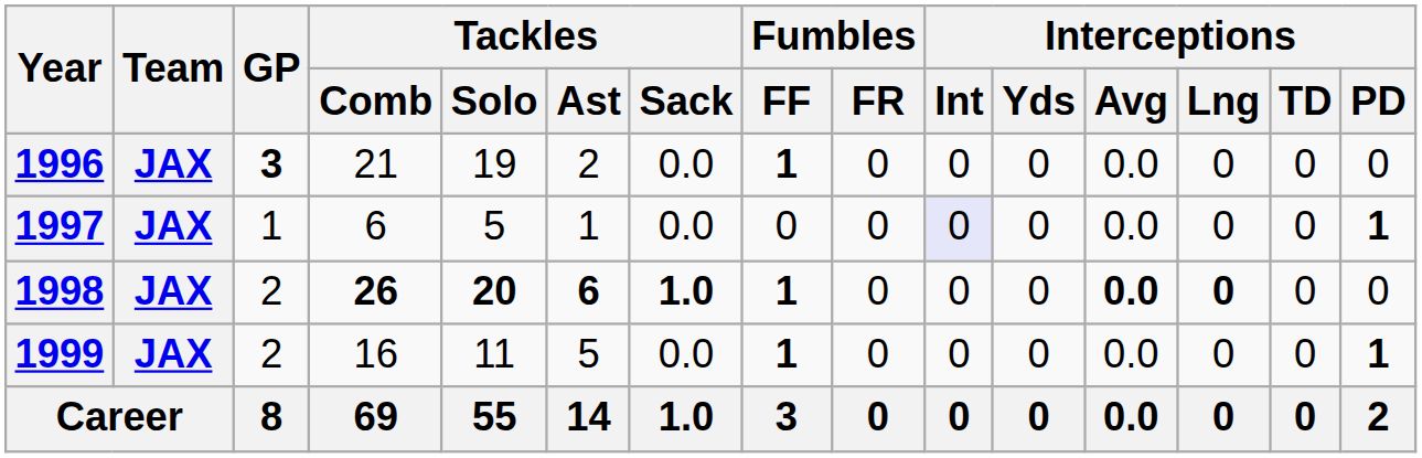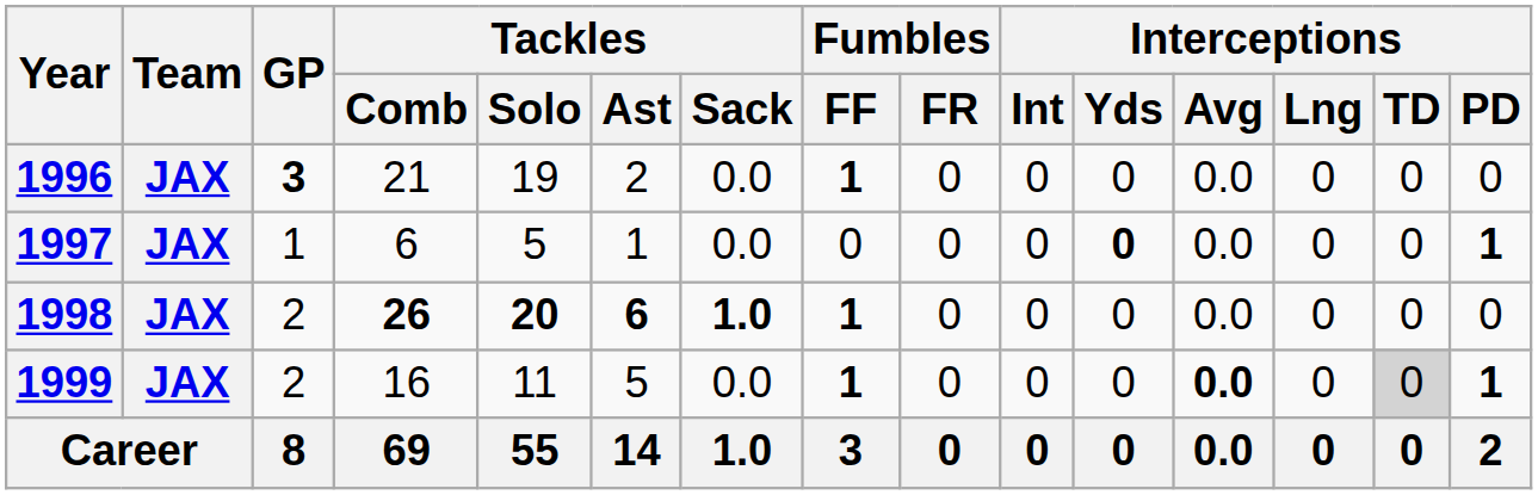 <table class="wikitable" style="text-align:center">
 <tr>
 <th rowspan="2">Year</th>
 <th rowspan="2">Team</th>
 <th rowspan="2">GP</th>
 <th colspan="4">Tackles</th>
 <th colspan="2">Fumbles</th>
 <th colspan="6">Interceptions</th>
 </tr>
 <tr>
 <th>Comb</th>
 <th>Solo</th>
 <th>Ast</th>
 <th>Sack</th>
 <th>FF</th>
 <th>FR</th>
 <th>Int</th>
 <th>Yds</th>
 <th>Avg</th>
 <th>Lng</th>
 <th>TD</th>
 <th>PD</th>
 </tr>
 <tr>
 <th><a href='#'>1996</a></th>
 <th><a href='#'>JAX</a></th>
 <td><strong>3</strong></td>
 <td>21</td>
 <td>19</td>
 <td>2</td>
 <td>0.0</td>
 <td><strong>1</strong></td>
 <td>0</td>
 <td>0</td>
 <td>0</td>
 <td>0.0</td>
 <td>0</td>
 <td>0</td>
 <td>0</td>
 </tr>
 <tr>
 <th><a href='#'>1997</a></th>
 <th><a href='#'>JAX</a></th>
 <td>1</td>
 <td>6</td>
 <td>5</td>
 <td>1</td>
 <td>0.0</td>
 <td>0</td>
 <td>0</td>
-<td style="background: lavender;">0</td>
 <td>0</td>
+<td><strong>0</strong></td>
 <td>0.0</td>
 <td>0</td>
 <td>0</td>
 <td><strong>1</strong></td>
 </tr>
 <tr>
 <th><a href='#'>1998</a></th>
 <th><a href='#'>JAX</a></th>
 <td>2</td>
 <td><strong>26</strong></td>
 <td><strong>20</strong></td>
 <td><strong>6</strong></td>
 <td><strong>1.0</strong></td>
 <td><strong>1</strong></td>
 <td>0</td>
 <td>0</td>
 <td>0</td>
-<td><strong>0.0</strong></td>
-<td><strong>0</strong></td>
+<td>0.0</td>
+<td>0</td>
 <td>0</td>
 <td>0</td>
 </tr>
 <tr>
 <th><a href='#'>1999</a></th>
 <th><a href='#'>JAX</a></th>
 <td>2</td>
 <td>16</td>
 <td>11</td>
 <td>5</td>
 <td>0.0</td>
 <td><strong>1</strong></td>
 <td>0</td>
 <td>0</td>
 <td>0</td>
-<td>0.0</td>
+<td><strong>0.0</strong></td>
 <td>0</td>
-<td>0</td>
+<td style="background: lightgrey;">0</td>
 <td><strong>1</strong></td>
 </tr>
 <tr>
 <th colspan="2">Career</th>
 <th>8</th>
 <th>69</th>
 <th>55</th>
 <th>14</th>
 <th>1.0</th>
 <th>3</th>
 <th>0</th>
 <th>0</th>
 <th>0</th>
 <th>0.0</th>
 <th>0</th>
 <th>0</th>
 <th>2</th>
 </tr>
 </table>
